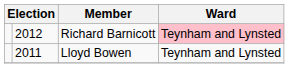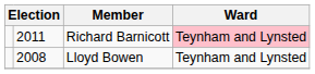 <table class="wikitable">
 <tr>
 <th colspan="2">Election</th>
 <th>Member</th>
 <th>Ward</th>
 </tr>
 <tr>
 <td style="background-color: "></td>
-<td>2012</td>
+<td>2011</td>
 <td>Richard Barnicott</td>
 <td style="background: pink;">Teynham and Lynsted</td>
 </tr>
 <tr>
 <td style="background-color: "></td>
-<td>2011</td>
+<td>2008</td>
 <td>Lloyd Bowen</td>
 <td>Teynham and Lynsted</td>
 </tr>
 <tr>
 </tr>
 </table>
